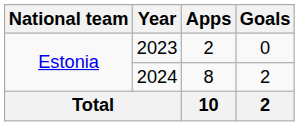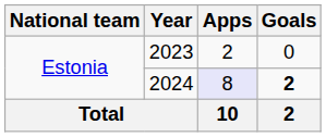 <table class="wikitable" style="text-align:center">
 <tr>
 <th>National team</th>
 <th>Year</th>
 <th>Apps</th>
 <th>Goals</th>
 </tr>
 <tr>
 <td rowspan="2"><a href='#'>Estonia</a></td>
 <td>2023</td>
 <td>2</td>
 <td>0</td>
 </tr>
 <tr>
 <td>2024</td>
-<td>8</td>
-<td>2</td>
+<td style="background: lavender;">8</td>
+<td><strong>2</strong></td>
 </tr>
 <tr>
 <th colspan="2">Total</th>
 <th>10</th>
 <th>2</th>
 </tr>
 </table>
